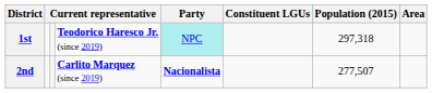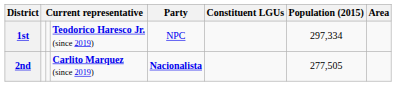 <table class="wikitable sortable" style="margin: 1em auto; font-size:100%; line-height:20px; text-align:center">
 <tr>
 <th>District</th>
 <th colspan="3">Current representative</th>
 <th>Party</th>
 <th>Constituent LGUs</th>
 <th>Population (2015)</th>
 <th>Area</th>
 </tr>
 <tr>
 <th><a href='#'>1st</a></th>
 <td style="background:"></td>
 <td></td>
 <td style="text-align:left;"><strong><a href='#'>Teodorico Haresco Jr.</a></strong><br><small>(since <a href='#'>2019</a>)</small></td>
-<td style="background: paleturquoise;"><a href='#'>NPC</a></td>
+<td><a href='#'>NPC</a></td>
 <td></td>
-<td>297,318</td>
+<td>297,334</td>
 <td></td>
 </tr>
 <tr>
 <th><a href='#'>2nd</a></th>
 <td style="background:"></td>
 <td></td>
 <td style="text-align:left;"><strong><a href='#'>Carlito Marquez</a></strong><br><small>(since <a href='#'>2019</a>)</small></td>
 <td><strong><a href='#'>Nacionalista</a></strong></td>
 <td></td>
-<td>277,507</td>
+<td>277,505</td>
 <td></td>
 </tr>
 </table>
